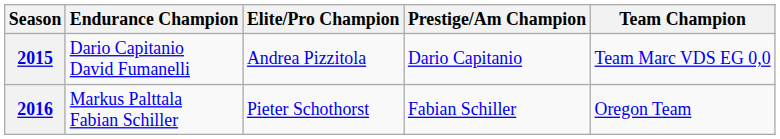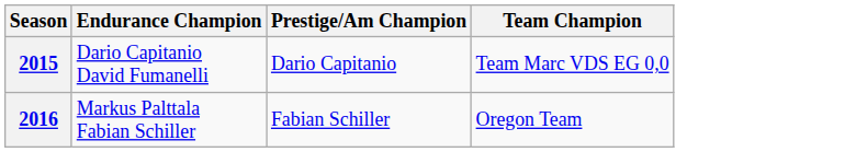 <table class="wikitable" style="font-size: 85%;">
 <tr>
 <th>Season</th>
 <th>Endurance Champion</th>
-<th>Elite/Pro Champion</th>
 <th>Prestige/Am Champion</th>
 <th>Team Champion</th>
 </tr>
 <tr>
 <th><a href='#'>2015</a></th>
 <td> <a href='#'>Dario Capitanio</a><br> <a href='#'>David Fumanelli</a></td>
-<td> <a href='#'>Andrea Pizzitola</a></td>
 <td> <a href='#'>Dario Capitanio</a></td>
 <td> <a href='#'>Team Marc VDS EG 0,0</a></td>
 </tr>
 <tr>
 <th><a href='#'>2016</a></th>
 <td> <a href='#'>Markus Palttala</a><br> <a href='#'>Fabian Schiller</a></td>
-<td> <a href='#'>Pieter Schothorst</a></td>
 <td> <a href='#'>Fabian Schiller</a></td>
 <td> <a href='#'>Oregon Team</a></td>
 </tr>
 </table>
